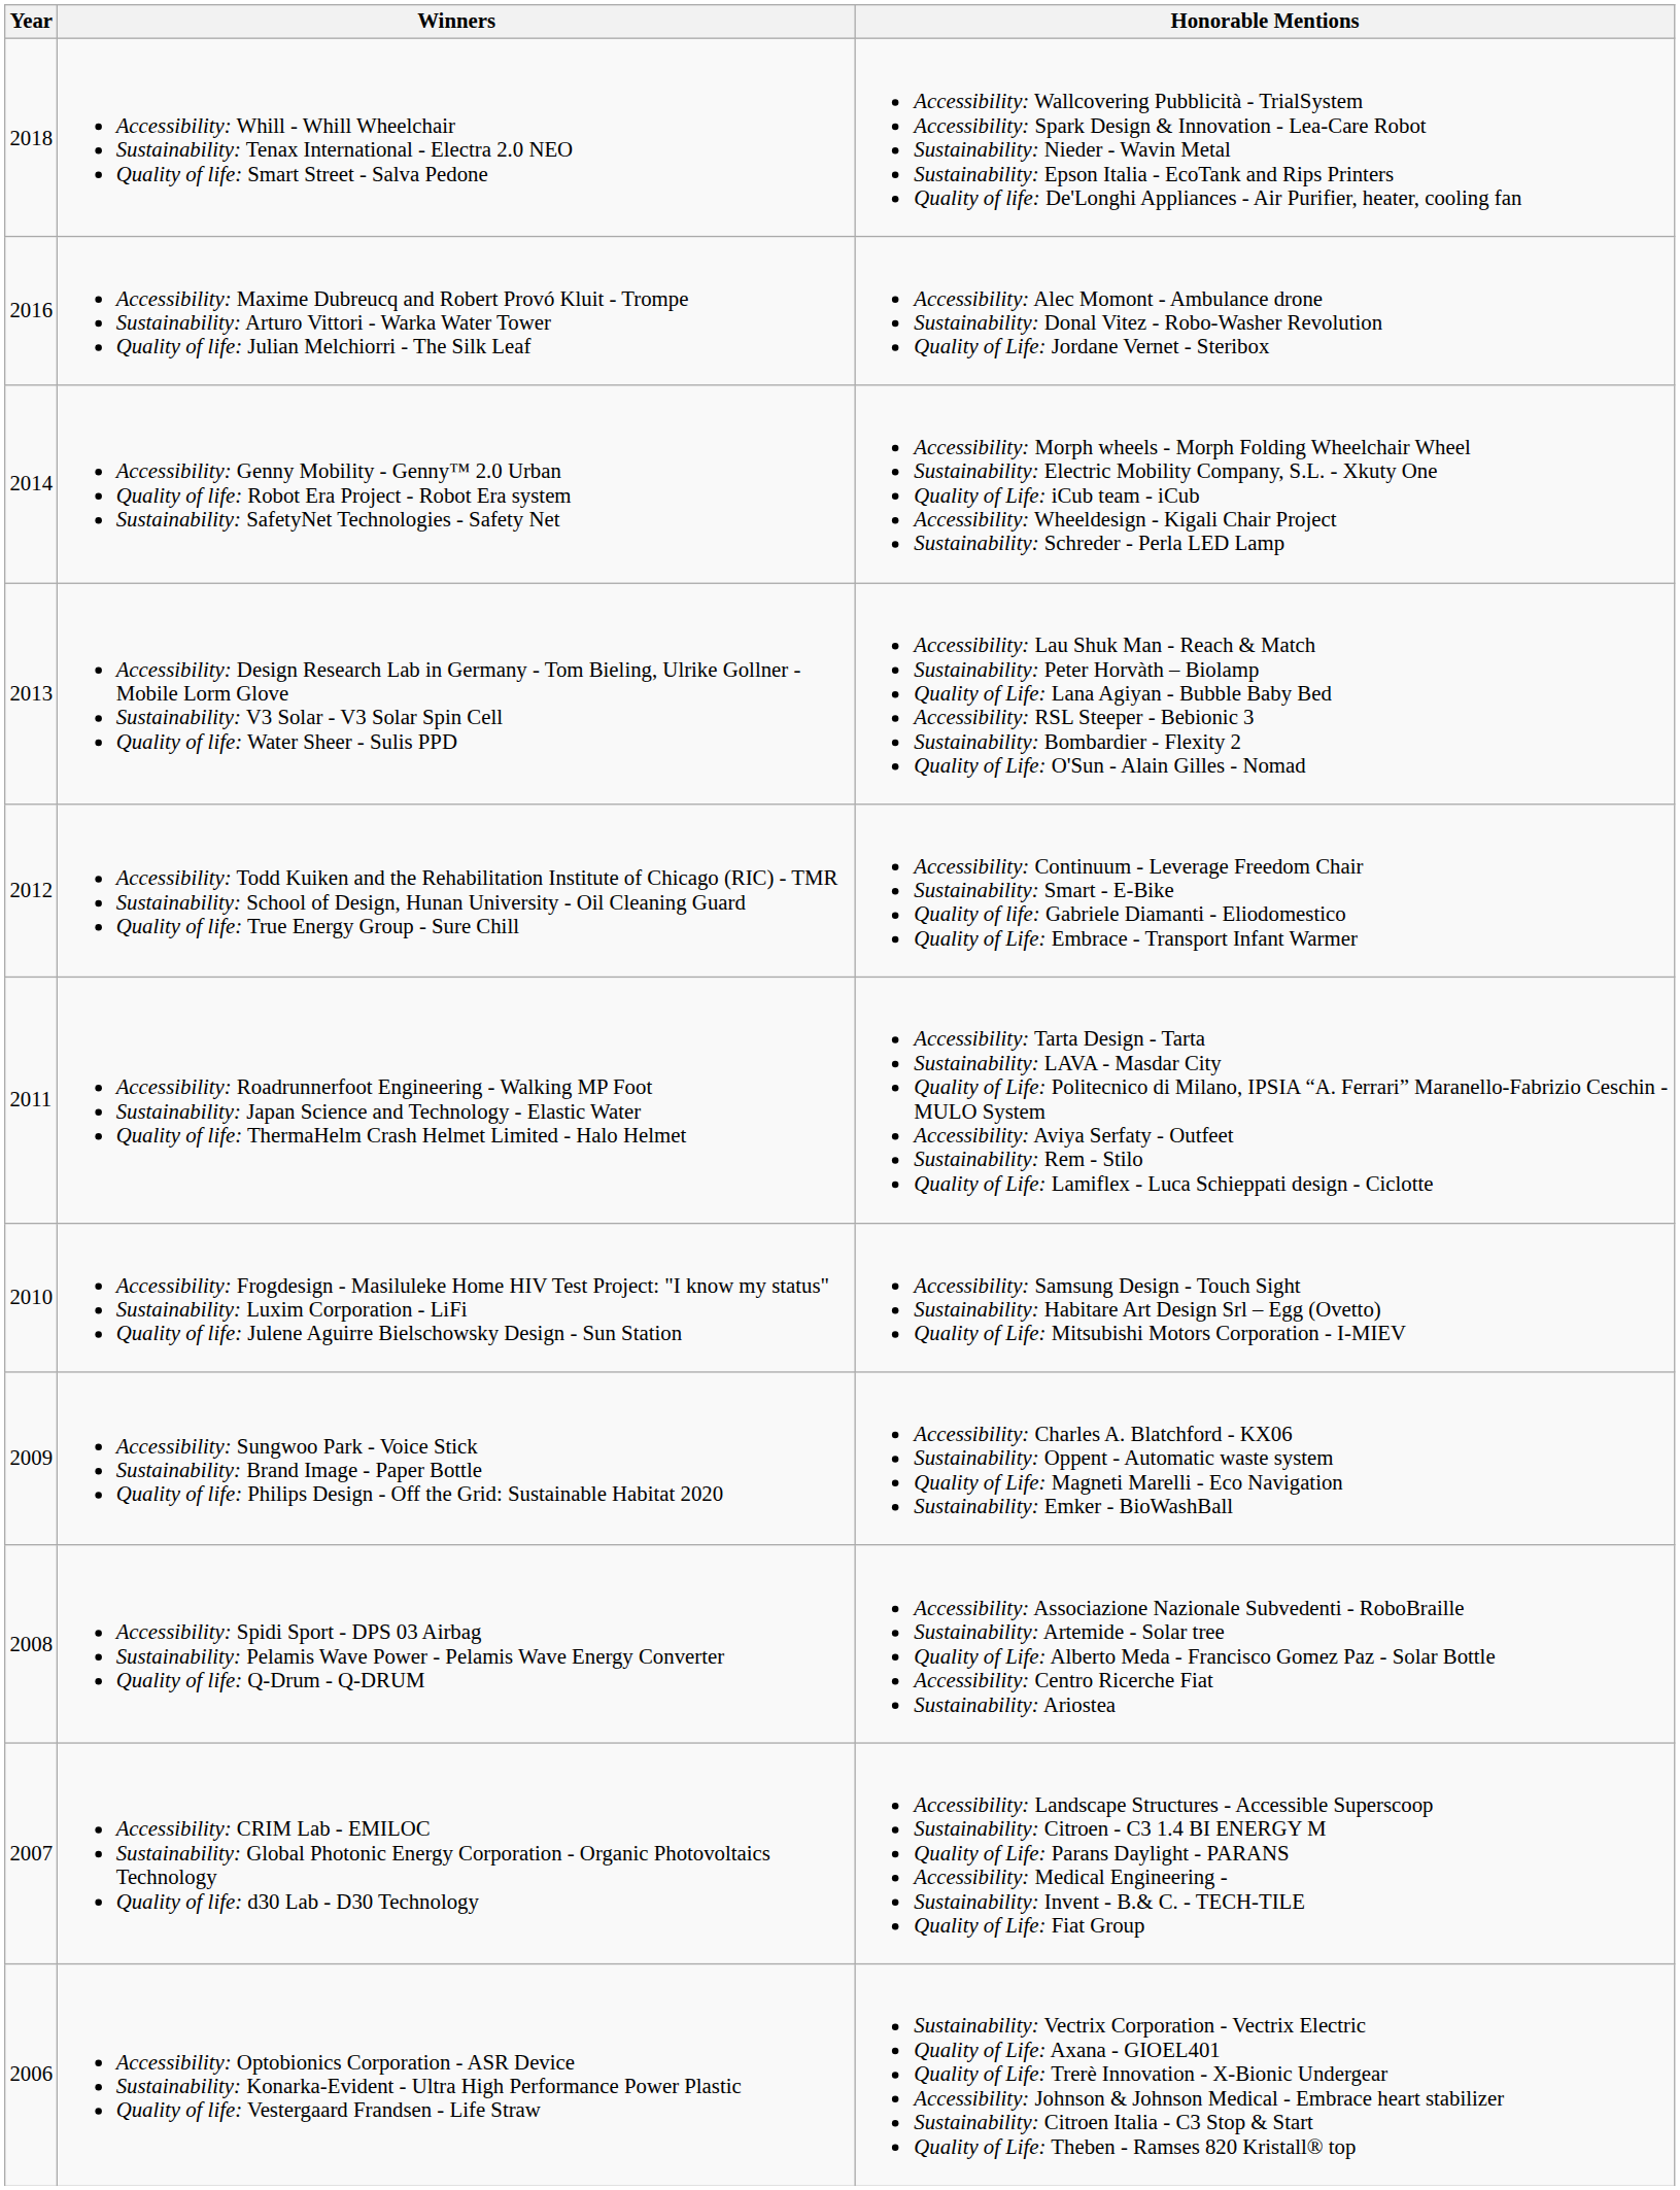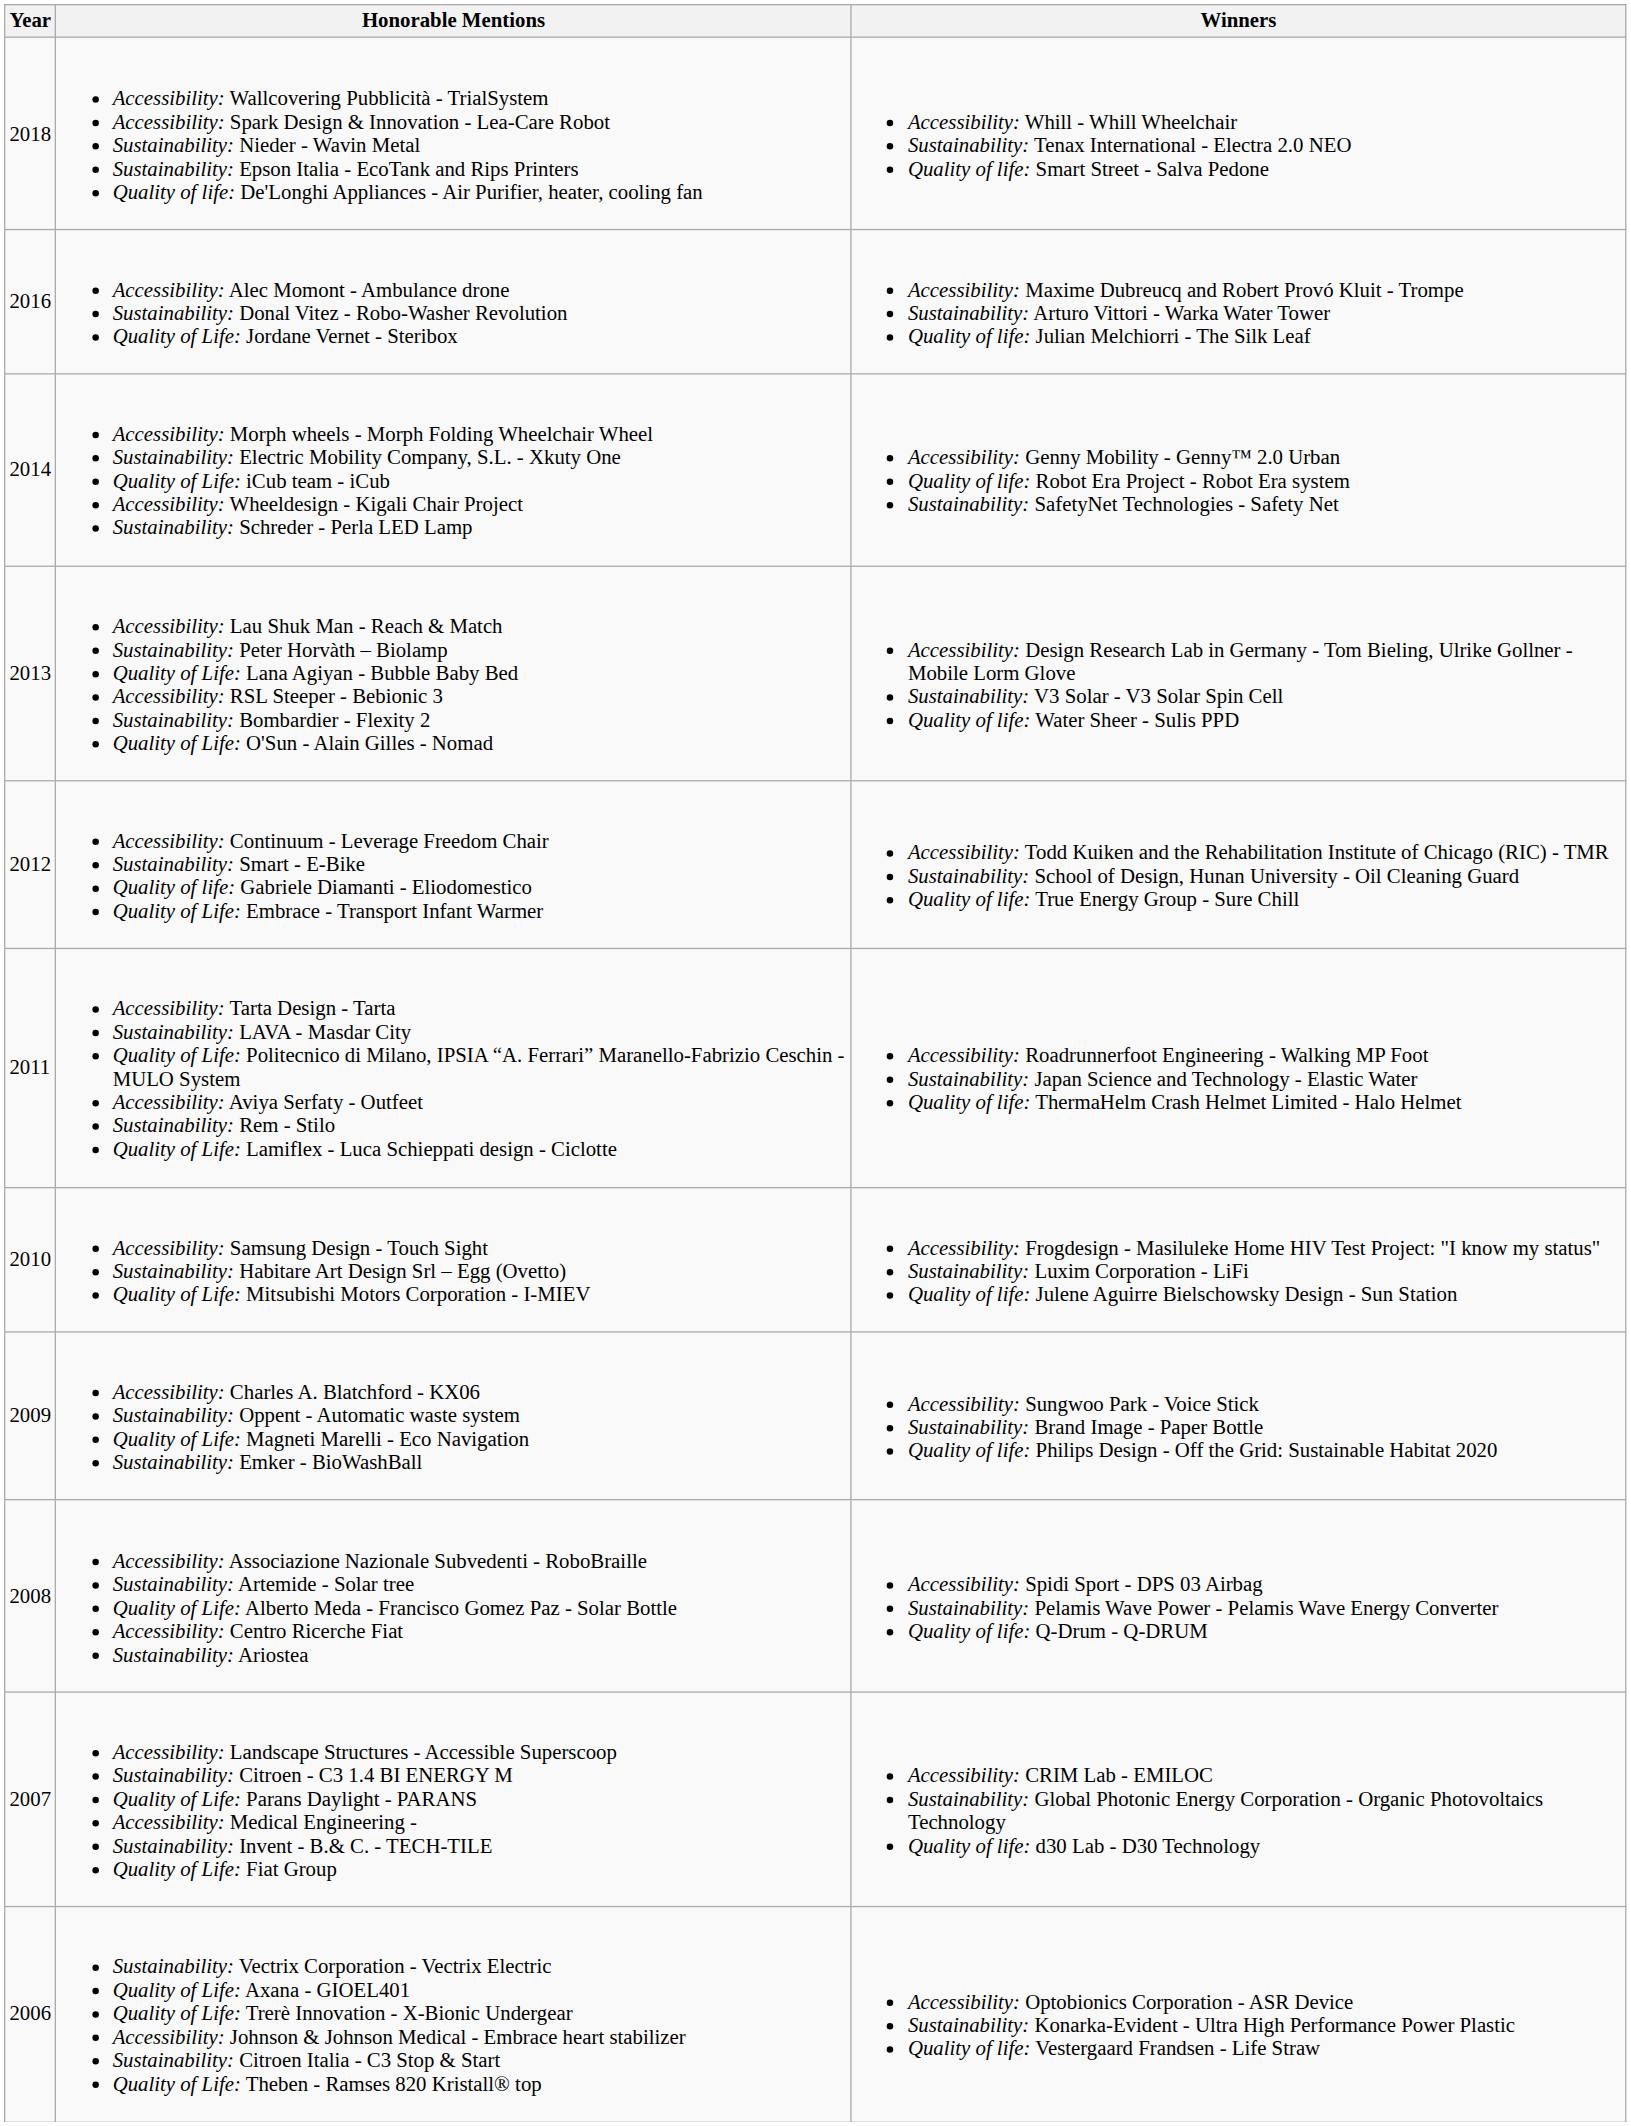 <table class="wikitable sortable mw-collapsible">
 <tr>
 <th>Year</th>
+<th>Honorable Mentions</th>
 <th>Winners</th>
-<th>Honorable Mentions</th>
 </tr>
 <tr>
 <td>2018</td>
+<td><br><ul><li><em>Accessibility:</em> Wallcovering Pubblicità -  TrialSystem</li><li><em>Accessibility:</em> Spark Design & Innovation - Lea-Care Robot</li><li><em>Sustainability:</em> Nieder - Wavin Metal</li><li><em>Sustainability:</em> Epson Italia - EcoTank and Rips Printers</li><li><em>Quality of life:</em> De'Longhi Appliances - Air Purifier, heater, cooling fan</li></ul></td>
 <td><br><ul><li><em>Accessibility:</em> Whill - Whill Wheelchair</li><li><em>Sustainability:</em> Tenax International - Electra 2.0 NEO</li><li><em>Quality of life:</em> Smart Street -  Salva Pedone</li></ul></td>
-<td><br><ul><li><em>Accessibility:</em> Wallcovering Pubblicità -  TrialSystem</li><li><em>Accessibility:</em> Spark Design & Innovation - Lea-Care Robot</li><li><em>Sustainability:</em> Nieder - Wavin Metal</li><li><em>Sustainability:</em> Epson Italia - EcoTank and Rips Printers</li><li><em>Quality of life:</em> De'Longhi Appliances - Air Purifier, heater, cooling fan</li></ul></td>
 </tr>
 <tr>
 <td>2016</td>
+<td><br><ul><li><em>Accessibility:</em> Alec Momont - Ambulance drone</li><li><em>Sustainability:</em> Donal Vitez - Robo-Washer Revolution</li><li><em>Quality of Life:</em> Jordane Vernet - Steribox</li></ul></td>
 <td><br><ul><li><em>Accessibility:</em> Maxime Dubreucq and Robert Provó Kluit - Trompe</li><li><em>Sustainability:</em> Arturo Vittori - Warka Water Tower</li><li><em>Quality of life:</em> Julian Melchiorri - The Silk Leaf</li></ul></td>
-<td><br><ul><li><em>Accessibility:</em> Alec Momont - Ambulance drone</li><li><em>Sustainability:</em> Donal Vitez - Robo-Washer Revolution</li><li><em>Quality of Life:</em> Jordane Vernet - Steribox</li></ul></td>
 </tr>
 <tr>
 <td>2014</td>
+<td><br><ul><li><em>Accessibility:</em> Morph wheels - Morph Folding Wheelchair Wheel</li><li><em>Sustainability:</em> Electric Mobility Company, S.L. - Xkuty One</li><li><em>Quality of Life:</em> iCub team - iCub</li><li><em>Accessibility:</em> Wheeldesign - Kigali Chair Project</li><li><em>Sustainability:</em> Schreder - Perla LED Lamp</li></ul></td>
 <td><br><ul><li><em>Accessibility:</em> Genny Mobility - Genny™ 2.0 Urban</li><li><em>Quality of life:</em> Robot Era Project - Robot Era system</li><li><em>Sustainability:</em> SafetyNet Technologies - Safety Net</li></ul></td>
-<td><br><ul><li><em>Accessibility:</em> Morph wheels - Morph Folding Wheelchair Wheel</li><li><em>Sustainability:</em> Electric Mobility Company, S.L. - Xkuty One</li><li><em>Quality of Life:</em> iCub team - iCub</li><li><em>Accessibility:</em> Wheeldesign - Kigali Chair Project</li><li><em>Sustainability:</em> Schreder - Perla LED Lamp</li></ul></td>
 </tr>
 <tr>
 <td>2013</td>
+<td><br><ul><li><em>Accessibility:</em> Lau Shuk Man - Reach & Match</li><li><em>Sustainability:</em> Peter Horvàth – Biolamp</li><li><em>Quality of Life:</em> Lana Agiyan - Bubble Baby Bed</li><li><em>Accessibility:</em> RSL Steeper - Bebionic 3</li><li><em>Sustainability:</em> Bombardier - Flexity 2</li><li><em>Quality of Life:</em> O'Sun - Alain Gilles - Nomad</li></ul></td>
 <td><br><ul><li><em>Accessibility:</em> Design Research Lab in Germany - Tom Bieling, Ulrike Gollner - Mobile Lorm Glove</li><li><em>Sustainability:</em> V3 Solar - V3 Solar Spin Cell</li><li><em>Quality of life:</em> Water Sheer - Sulis PPD</li></ul></td>
-<td><br><ul><li><em>Accessibility:</em> Lau Shuk Man - Reach & Match</li><li><em>Sustainability:</em> Peter Horvàth – Biolamp</li><li><em>Quality of Life:</em> Lana Agiyan - Bubble Baby Bed</li><li><em>Accessibility:</em> RSL Steeper - Bebionic 3</li><li><em>Sustainability:</em> Bombardier - Flexity 2</li><li><em>Quality of Life:</em> O'Sun - Alain Gilles - Nomad</li></ul></td>
 </tr>
 <tr>
 <td>2012</td>
+<td><br><ul><li><em>Accessibility:</em> Continuum - Leverage Freedom Chair</li><li><em>Sustainability:</em> Smart - E-Bike</li><li><em>Quality of life:</em> Gabriele Diamanti - Eliodomestico</li><li><em>Quality of Life:</em> Embrace - Transport Infant Warmer</li></ul></td>
 <td><br><ul><li><em>Accessibility:</em> Todd Kuiken and the Rehabilitation Institute of Chicago (RIC) - TMR</li><li><em>Sustainability:</em> School of Design, Hunan University - Oil Cleaning Guard</li><li><em>Quality of life:</em> True Energy Group - Sure Chill</li></ul></td>
-<td><br><ul><li><em>Accessibility:</em> Continuum - Leverage Freedom Chair</li><li><em>Sustainability:</em> Smart - E-Bike</li><li><em>Quality of life:</em> Gabriele Diamanti - Eliodomestico</li><li><em>Quality of Life:</em> Embrace - Transport Infant Warmer</li></ul></td>
 </tr>
 <tr>
 <td>2011</td>
+<td><br><ul><li><em>Accessibility:</em> Tarta Design - Tarta</li><li><em>Sustainability:</em> LAVA - Masdar City</li><li><em>Quality of Life:</em> Politecnico di Milano, IPSIA “A. Ferrari” Maranello-Fabrizio Ceschin - MULO System</li><li><em>Accessibility:</em> Aviya Serfaty - Outfeet</li><li><em>Sustainability:</em> Rem - Stilo</li><li><em>Quality of Life:</em> Lamiflex - Luca Schieppati design - Ciclotte</li></ul></td>
 <td><br><ul><li><em>Accessibility:</em> Roadrunnerfoot Engineering - Walking MP Foot</li><li><em>Sustainability:</em> Japan Science and Technology - Elastic Water</li><li><em>Quality of life:</em> ThermaHelm Crash Helmet Limited - Halo Helmet</li></ul></td>
-<td><br><ul><li><em>Accessibility:</em> Tarta Design - Tarta</li><li><em>Sustainability:</em> LAVA - Masdar City</li><li><em>Quality of Life:</em> Politecnico di Milano, IPSIA “A. Ferrari” Maranello-Fabrizio Ceschin - MULO System</li><li><em>Accessibility:</em> Aviya Serfaty - Outfeet</li><li><em>Sustainability:</em> Rem - Stilo</li><li><em>Quality of Life:</em> Lamiflex - Luca Schieppati design - Ciclotte</li></ul></td>
 </tr>
 <tr>
 <td>2010</td>
+<td><br><ul><li><em>Accessibility:</em> Samsung Design - Touch Sight</li><li><em>Sustainability:</em> Habitare Art Design Srl – Egg (Ovetto)</li><li><em>Quality of Life:</em> Mitsubishi Motors Corporation - I-MIEV</li></ul></td>
 <td><br><ul><li><em>Accessibility:</em> Frogdesign - Masiluleke Home HIV Test Project: "I know my status"</li><li><em>Sustainability:</em> Luxim Corporation - LiFi</li><li><em>Quality of life:</em> Julene Aguirre Bielschowsky Design - Sun Station</li></ul></td>
-<td><br><ul><li><em>Accessibility:</em> Samsung Design - Touch Sight</li><li><em>Sustainability:</em> Habitare Art Design Srl – Egg (Ovetto)</li><li><em>Quality of Life:</em> Mitsubishi Motors Corporation - I-MIEV</li></ul></td>
 </tr>
 <tr>
 <td>2009</td>
+<td><br><ul><li><em>Accessibility:</em> Charles A. Blatchford - KX06</li><li><em>Sustainability:</em> Oppent - Automatic waste system</li><li><em>Quality of Life:</em> Magneti Marelli - Eco Navigation</li><li><em>Sustainability:</em> Emker - BioWashBall</li></ul></td>
 <td><br><ul><li><em>Accessibility:</em> Sungwoo Park - Voice Stick</li><li><em>Sustainability:</em> Brand Image - Paper Bottle</li><li><em>Quality of life:</em> Philips Design - Off the Grid: Sustainable Habitat 2020</li></ul></td>
-<td><br><ul><li><em>Accessibility:</em> Charles A. Blatchford - KX06</li><li><em>Sustainability:</em> Oppent - Automatic waste system</li><li><em>Quality of Life:</em> Magneti Marelli - Eco Navigation</li><li><em>Sustainability:</em> Emker - BioWashBall</li></ul></td>
 </tr>
 <tr>
 <td>2008</td>
+<td><br><ul><li><em>Accessibility:</em> Associazione Nazionale Subvedenti - RoboBraille</li><li><em>Sustainability:</em> Artemide - Solar tree</li><li><em>Quality of Life:</em> Alberto Meda - Francisco Gomez Paz - Solar Bottle</li><li><em>Accessibility:</em> Centro Ricerche Fiat</li><li><em>Sustainability:</em> Ariostea</li></ul></td>
 <td><br><ul><li><em>Accessibility:</em> Spidi Sport - DPS 03 Airbag</li><li><em>Sustainability:</em> Pelamis Wave Power - Pelamis Wave Energy Converter</li><li><em>Quality of life:</em> Q-Drum - Q-DRUM</li></ul></td>
-<td><br><ul><li><em>Accessibility:</em> Associazione Nazionale Subvedenti - RoboBraille</li><li><em>Sustainability:</em> Artemide - Solar tree</li><li><em>Quality of Life:</em> Alberto Meda - Francisco Gomez Paz - Solar Bottle</li><li><em>Accessibility:</em> Centro Ricerche Fiat</li><li><em>Sustainability:</em> Ariostea</li></ul></td>
 </tr>
 <tr>
 <td>2007</td>
+<td><br><ul><li><em>Accessibility:</em> Landscape Structures - Accessible Superscoop</li><li><em>Sustainability:</em> Citroen - C3 1.4 BI ENERGY M</li><li><em>Quality of Life:</em> Parans Daylight - PARANS</li><li><em>Accessibility:</em>  Medical Engineering - </li><li><em>Sustainability:</em> Invent - B.& C. - TECH-TILE</li><li><em>Quality of Life:</em> Fiat Group</li></ul></td>
 <td><br><ul><li><em>Accessibility:</em> CRIM Lab - EMILOC</li><li><em>Sustainability:</em> Global Photonic Energy Corporation - Organic Photovoltaics Technology</li><li><em>Quality of life:</em> d30 Lab - D30 Technology</li></ul></td>
-<td><br><ul><li><em>Accessibility:</em> Landscape Structures - Accessible Superscoop</li><li><em>Sustainability:</em> Citroen - C3 1.4 BI ENERGY M</li><li><em>Quality of Life:</em> Parans Daylight - PARANS</li><li><em>Accessibility:</em>  Medical Engineering - </li><li><em>Sustainability:</em> Invent - B.& C. - TECH-TILE</li><li><em>Quality of Life:</em> Fiat Group</li></ul></td>
 </tr>
 <tr>
 <td>2006</td>
+<td><br><ul><li><em>Sustainability:</em> Vectrix Corporation - Vectrix Electric</li><li><em>Quality of Life:</em> Axana - GIOEL401</li><li><em>Quality of Life:</em> Trerè Innovation - X-Bionic Undergear</li><li><em>Accessibility:</em> Johnson & Johnson Medical - Embrace heart stabilizer</li><li><em>Sustainability:</em> Citroen Italia - C3 Stop & Start</li><li><em>Quality of Life:</em> Theben - Ramses 820 Kristall® top</li></ul></td>
 <td><br><ul><li><em>Accessibility:</em> Optobionics Corporation - ASR Device</li><li><em>Sustainability:</em> Konarka-Evident - Ultra High Performance Power Plastic</li><li><em>Quality of life:</em> Vestergaard Frandsen - Life Straw</li></ul></td>
-<td><br><ul><li><em>Sustainability:</em> Vectrix Corporation - Vectrix Electric</li><li><em>Quality of Life:</em> Axana - GIOEL401</li><li><em>Quality of Life:</em> Trerè Innovation - X-Bionic Undergear</li><li><em>Accessibility:</em> Johnson & Johnson Medical - Embrace heart stabilizer</li><li><em>Sustainability:</em> Citroen Italia - C3 Stop & Start</li><li><em>Quality of Life:</em> Theben - Ramses 820 Kristall® top</li></ul></td>
 </tr>
 </table>
